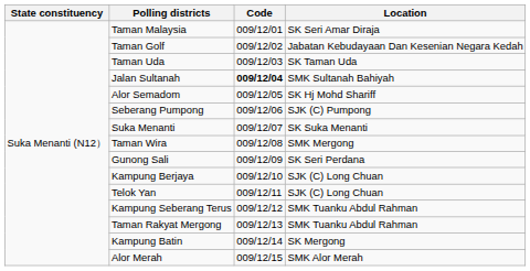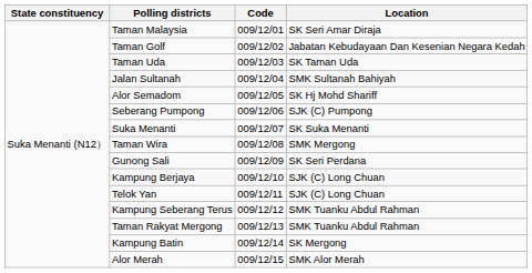 <table class="wikitable sortable mw-collapsible" style="white-space:nowrap;font-size:85%">
 <tr>
 <th>State constituency</th>
 <th>Polling districts</th>
 <th>Code</th>
 <th>Location</th>
 </tr>
 <tr>
 <td rowspan="15">Suka Menanti (N12）</td>
 <td>Taman Malaysia</td>
 <td>009/12/01</td>
 <td>SK Seri Amar Diraja</td>
 </tr>
 <tr>
 <td>Taman Golf</td>
 <td>009/12/02</td>
 <td>Jabatan Kebudayaan Dan Kesenian Negara Kedah</td>
 </tr>
 <tr>
 <td>Taman Uda</td>
 <td>009/12/03</td>
 <td>SK Taman Uda</td>
 </tr>
 <tr>
 <td>Jalan Sultanah</td>
-<td><strong>009/12/04</strong></td>
+<td>009/12/04</td>
 <td>SMK Sultanah Bahiyah</td>
 </tr>
 <tr>
 <td>Alor Semadom</td>
 <td>009/12/05</td>
 <td>SK Hj Mohd Shariff</td>
 </tr>
 <tr>
 <td>Seberang Pumpong</td>
 <td>009/12/06</td>
 <td>SJK (C) Pumpong</td>
 </tr>
 <tr>
 <td>Suka Menanti</td>
 <td>009/12/07</td>
 <td>SK Suka Menanti</td>
 </tr>
 <tr>
 <td>Taman Wira</td>
 <td>009/12/08</td>
 <td>SMK Mergong</td>
 </tr>
 <tr>
 <td>Gunong Sali</td>
 <td>009/12/09</td>
 <td>SK Seri Perdana</td>
 </tr>
 <tr>
 <td>Kampung Berjaya</td>
 <td>009/12/10</td>
 <td>SJK (C) Long Chuan</td>
 </tr>
 <tr>
 <td>Telok Yan</td>
 <td>009/12/11</td>
 <td>SJK (C) Long Chuan</td>
 </tr>
 <tr>
 <td>Kampung Seberang Terus</td>
 <td>009/12/12</td>
 <td>SMK Tuanku Abdul Rahman</td>
 </tr>
 <tr>
 <td>Taman Rakyat Mergong</td>
 <td>009/12/13</td>
 <td>SMK Tuanku Abdul Rahman</td>
 </tr>
 <tr>
 <td>Kampung Batin</td>
 <td>009/12/14</td>
 <td>SK Mergong</td>
 </tr>
 <tr>
 <td>Alor Merah</td>
 <td>009/12/15</td>
 <td>SMK Alor Merah</td>
 </tr>
 </table>
